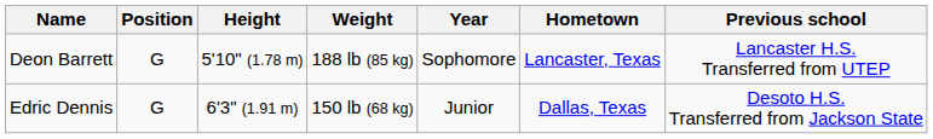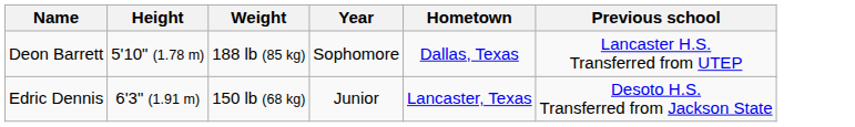 <table class="wikitable" style="text-align: center">
 <tr align=center>
 <th>Name</th>
-<th>Position</th>
 <th>Height</th>
 <th>Weight</th>
 <th>Year</th>
 <th>Hometown</th>
 <th>Previous school</th>
 </tr>
 <tr>
 <td>Deon Barrett</td>
-<td>G</td>
 <td>5'10" <small>(1.78 m)</small></td>
 <td>188 lb <small>(85 kg)</small></td>
 <td>Sophomore</td>
-<td><a href='#'>Lancaster, Texas</a></td>
+<td><a href='#'>Dallas, Texas</a></td>
 <td><a href='#'>Lancaster H.S.</a><br>Transferred from <a href='#'>UTEP</a></td>
 </tr>
 <tr>
 <td>Edric Dennis</td>
-<td>G</td>
 <td>6'3" <small>(1.91 m)</small></td>
 <td>150 lb <small>(68 kg)</small></td>
 <td>Junior</td>
-<td><a href='#'>Dallas, Texas</a></td>
+<td><a href='#'>Lancaster, Texas</a></td>
 <td><a href='#'>Desoto H.S.</a><br>Transferred from <a href='#'>Jackson State</a></td>
 </tr>
 </table>
